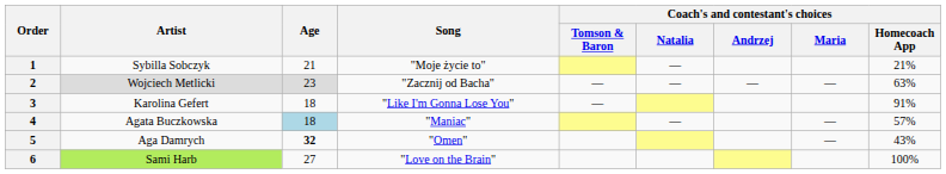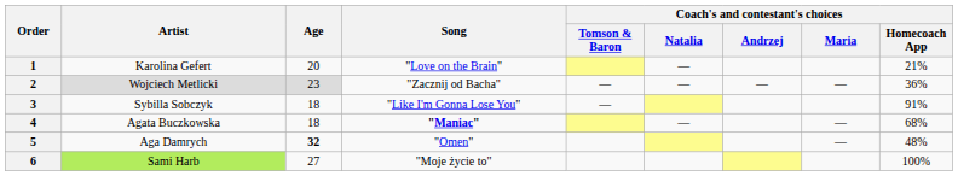 <table class="wikitable" style="text-align:center; width:100%;">
 <tr>
 <th scope="col" rowspan="2" style="width:05%;">Order</th>
 <th scope="col" rowspan="2" style="width:20%;">Artist</th>
 <th scope="col" rowspan="2" style="width:05%;">Age</th>
 <th scope="col" rowspan="2" style="width:20%;">Song</th>
 <th scope="col" colspan="5" style="width:32%;">Coach's and contestant's choices</th>
 </tr>
 <tr>
 <th style="width:07%;"><a href='#'>Tomson & Baron</a></th>
 <th style="width:07%;"><a href='#'>Natalia</a></th>
 <th style="width:07%;"><a href='#'>Andrzej</a></th>
 <th style="width:07%;"><a href='#'>Maria</a></th>
 <th style="width:04%;">Homecoach App</th>
 </tr>
 <tr>
 <th>1</th>
-<td>Sybilla Sobczyk</td>
-<td>21</td>
-<td>"Moje życie to"</td>
+<td>Karolina Gefert</td>
+<td>20</td>
+<td>"<a href='#'>Love on the Brain</a>"</td>
 <td style="background:#fdfc8f;"><strong></strong></td>
 <td>—</td>
 <td><strong></strong></td>
 <td><strong></strong></td>
 <td>21%</td>
 </tr>
 <tr>
 <th>2</th>
 <td style="background:#DCDCDC;">Wojciech Metlicki</td>
 <td style="background:#DCDCDC;">23</td>
 <td>"Zacznij od Bacha"</td>
 <td>—</td>
 <td>—</td>
 <td>—</td>
 <td>—</td>
-<td>63%</td>
+<td>36%</td>
 </tr>
 <tr>
 <th>3</th>
-<td>Karolina Gefert</td>
+<td>Sybilla Sobczyk</td>
 <td>18</td>
 <td>"<a href='#'>Like I'm Gonna Lose You</a>"</td>
 <td>—</td>
 <td style="background:#fdfc8f;"><strong></strong></td>
 <td><strong></strong></td>
 <td><strong></strong></td>
 <td>91%</td>
 </tr>
 <tr>
 <th>4</th>
 <td>Agata Buczkowska</td>
-<td style="background: lightblue;">18</td>
-<td>"<a href='#'>Maniac</a>"</td>
+<td>18</td>
+<td><strong>"<a href='#'>Maniac</a>"</strong></td>
 <td style="background:#fdfc8f;"><strong></strong></td>
 <td>—</td>
 <td><strong></strong></td>
 <td>—</td>
-<td>57%</td>
+<td>68%</td>
 </tr>
 <tr>
 <th>5</th>
 <td>Aga Damrych</td>
 <td><strong>32</strong></td>
 <td>"<a href='#'>Omen</a>"</td>
 <td><strong></strong></td>
 <td style="background:#fdfc8f;"><strong></strong></td>
 <td><strong></strong></td>
 <td>—</td>
-<td>43%</td>
+<td>48%</td>
 </tr>
 <tr>
 <th>6</th>
 <td style="background-color:#B2EC5D;">Sami Harb</td>
 <td>27</td>
-<td>"<a href='#'>Love on the Brain</a>"</td>
+<td>"Moje życie to"</td>
 <td><strong></strong></td>
 <td><strong></strong></td>
 <td style="background:#fdfc8f;"><strong></strong></td>
 <td><strong></strong></td>
 <td>100%</td>
 </tr>
 </table>
